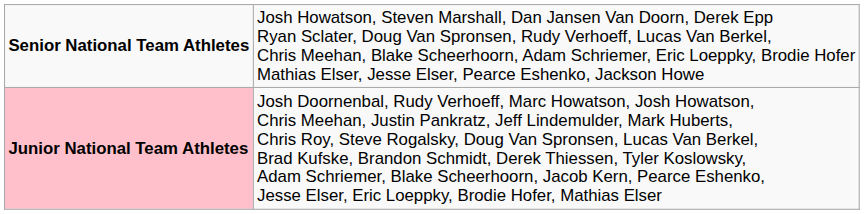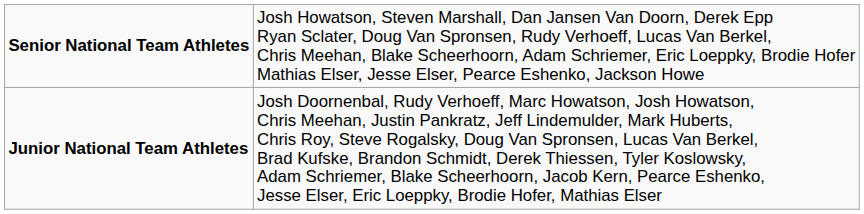 <table class="wikitable">
 <tr>
 <td><strong>Senior National Team Athletes</strong></td>
 <td>Josh Howatson, Steven Marshall, Dan Jansen Van Doorn, Derek Epp<br>Ryan Sclater, Doug Van Spronsen, Rudy Verhoeff, Lucas Van Berkel,<br>Chris Meehan, Blake Scheerhoorn, Adam Schriemer, Eric Loeppky, Brodie Hofer<br>Mathias Elser, Jesse Elser, Pearce Eshenko, Jackson Howe</td>
 </tr>
 <tr>
-<td style="background: pink;"><strong>Junior National Team Athletes</strong><br></td>
+<td><strong>Junior National Team Athletes</strong><br></td>
 <td>Josh Doornenbal, Rudy Verhoeff, Marc Howatson, Josh Howatson,<br>Chris Meehan, Justin Pankratz, Jeff Lindemulder, Mark Huberts,<br>Chris Roy, Steve Rogalsky, Doug Van Spronsen, Lucas Van Berkel,<br>Brad Kufske, Brandon Schmidt, Derek Thiessen, Tyler Koslowsky,<br>Adam Schriemer, Blake Scheerhoorn, Jacob Kern, Pearce Eshenko,<br>Jesse Elser, Eric Loeppky, Brodie Hofer, Mathias Elser</td>
 </tr>
 </table>
